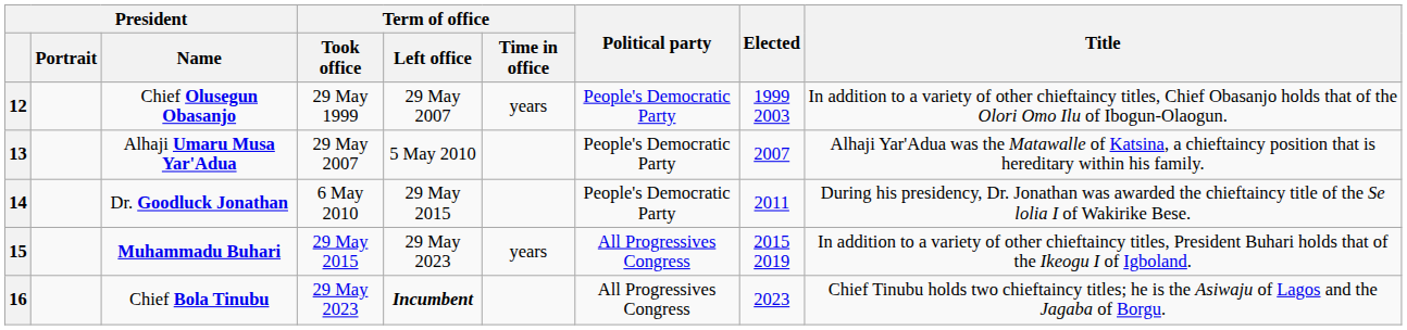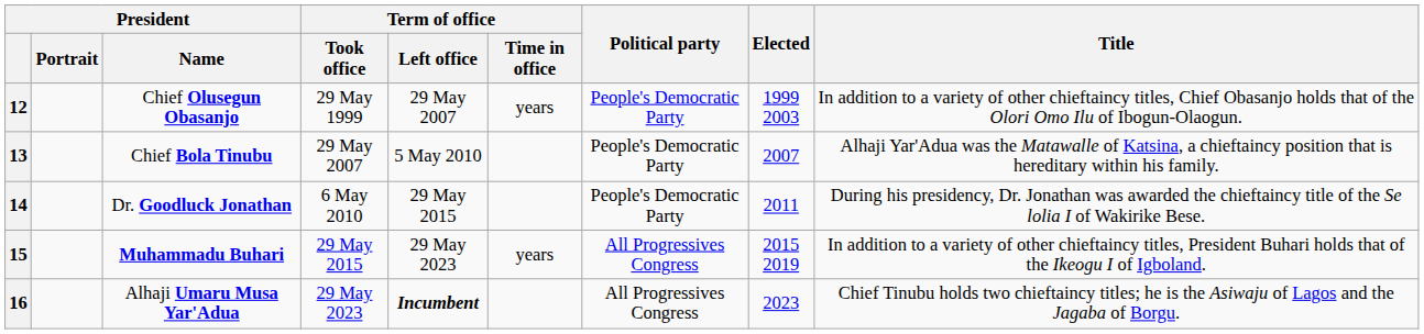 <table class=wikitable style=text-align:center>
 <tr>
 <th colspan=3>President</th>
 <th colspan=3>Term of office</th>
 <th rowspan=2>Political party</th>
 <th rowspan=2>Elected</th>
 <th rowspan=2>Title</th>
 </tr>
 <tr>
 <th></th>
 <th>Portrait</th>
 <th>Name</th>
 <th>Took office</th>
 <th>Left office</th>
 <th>Time in office</th>
 </tr>
 <tr>
 <th style="background:">12</th>
 <td></td>
 <td>Chief <strong><a href='#'>Olusegun Obasanjo</a></strong><br></td>
 <td>29 May 1999</td>
 <td>29 May 2007</td>
 <td> years</td>
 <td><a href='#'>People's Democratic Party</a></td>
 <td><a href='#'>1999</a><br><a href='#'>2003</a></td>
 <td>In addition to a variety of other chieftaincy titles, Chief Obasanjo holds that of the <em>Olori Omo Ilu</em> of Ibogun-Olaogun.</td>
 </tr>
 <tr>
 <th style="background:">13</th>
 <td></td>
-<td>Alhaji <strong><a href='#'>Umaru Musa Yar'Adua</a></strong><br></td>
+<td>Chief <strong><a href='#'>Bola Tinubu</a></strong><br></td>
 <td>29 May 2007</td>
 <td>5 May 2010<br></td>
 <td></td>
 <td>People's Democratic Party</td>
 <td><a href='#'>2007</a></td>
 <td>Alhaji Yar'Adua was the <em>Matawalle</em> of <a href='#'>Katsina</a>, a chieftaincy position that is hereditary within his family.</td>
 </tr>
 <tr>
 <th style="background:">14</th>
 <td></td>
 <td>Dr. <strong><a href='#'>Goodluck Jonathan</a></strong><br></td>
 <td>6 May 2010</td>
 <td>29 May 2015</td>
 <td></td>
 <td>People's Democratic Party</td>
 <td><a href='#'>2011</a></td>
 <td>During his presidency, Dr. Jonathan was awarded the chieftaincy title of the <em>Se lolia I</em> of Wakirike Bese.</td>
 </tr>
 <tr>
 <th style="background:">15</th>
 <td></td>
 <td><strong><a href='#'>Muhammadu Buhari</a></strong><br></td>
 <td><a href='#'>29 May 2015</a></td>
 <td>29 May 2023</td>
 <td> years</td>
 <td><a href='#'>All Progressives Congress</a></td>
 <td><a href='#'>2015</a><br><a href='#'>2019</a></td>
 <td>In addition to a variety of other chieftaincy titles, President Buhari holds that of the <em>Ikeogu I</em> of <a href='#'>Igboland</a>.</td>
 </tr>
 <tr>
 <th style="background:">16</th>
 <td></td>
-<td>Chief <strong><a href='#'>Bola Tinubu</a></strong><br></td>
+<td>Alhaji <strong><a href='#'>Umaru Musa Yar'Adua</a></strong><br></td>
 <td><a href='#'>29 May 2023</a></td>
 <td><strong><em>Incumbent</em></strong></td>
 <td></td>
 <td>All Progressives Congress</td>
 <td><a href='#'>2023</a></td>
 <td>Chief Tinubu holds two chieftaincy titles; he is the <em>Asiwaju</em> of <a href='#'>Lagos</a> and the <em>Jagaba</em> of <a href='#'>Borgu</a>.</td>
 </tr>
 </table>
